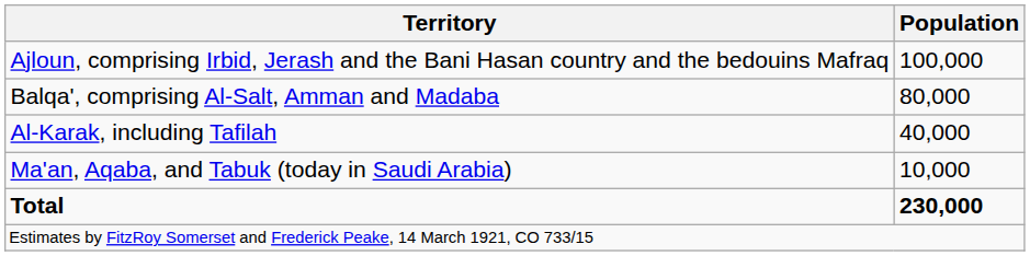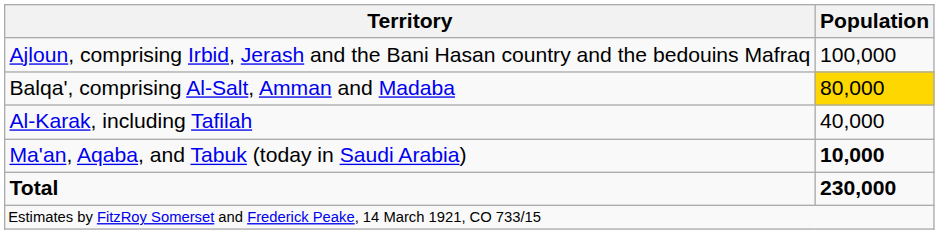 <table class="wikitable">
 <tr>
 <th><strong>Territory</strong></th>
 <th><strong>Population</strong></th>
 </tr>
 <tr>
 <td><a href='#'>Ajloun</a>, comprising <a href='#'>Irbid</a>, <a href='#'>Jerash</a> and the Bani Hasan country and the bedouins Mafraq</td>
 <td>100,000</td>
 </tr>
 <tr>
 <td>Balqa', comprising <a href='#'>Al-Salt</a>, <a href='#'>Amman</a> and <a href='#'>Madaba</a></td>
-<td>80,000</td>
+<td style="background: gold;">80,000</td>
 </tr>
 <tr>
 <td><a href='#'>Al-Karak</a>, including <a href='#'>Tafilah</a></td>
 <td>40,000</td>
 </tr>
 <tr>
 <td><a href='#'>Ma'an</a>, <a href='#'>Aqaba</a>, and <a href='#'>Tabuk</a> (today in <a href='#'>Saudi Arabia</a>)</td>
-<td>10,000</td>
+<td><strong>10,000</strong></td>
 </tr>
 <tr>
 <td><strong>Total</strong></td>
 <td><strong>230,000</strong></td>
 </tr>
 <tr class="sortbottom">
 <td colspan="3" span style="font-size:70%;" align=left>Estimates by <a href='#'>FitzRoy Somerset</a> and <a href='#'>Frederick Peake</a>, 14 March 1921, CO 733/15</td>
 </tr>
 </table>
